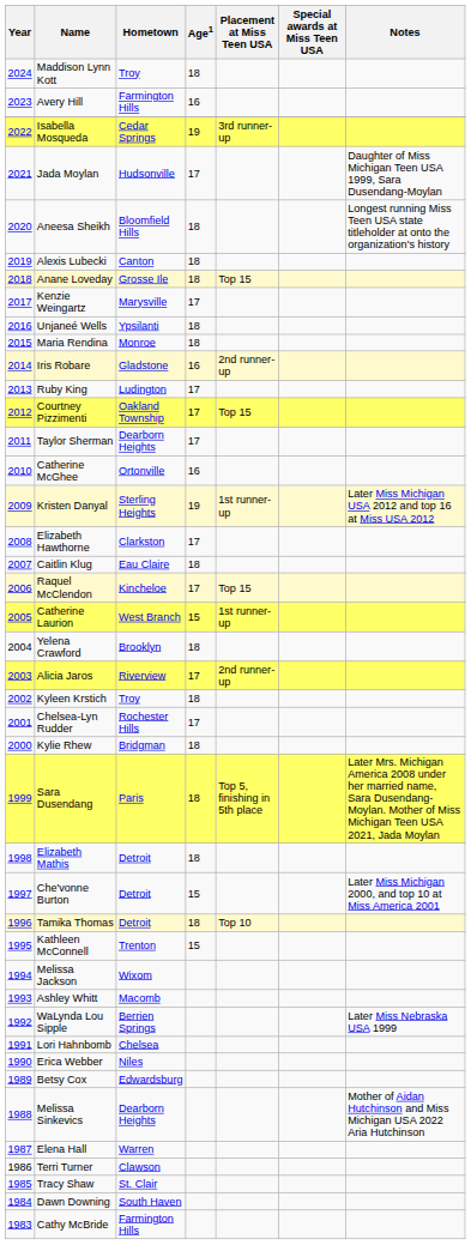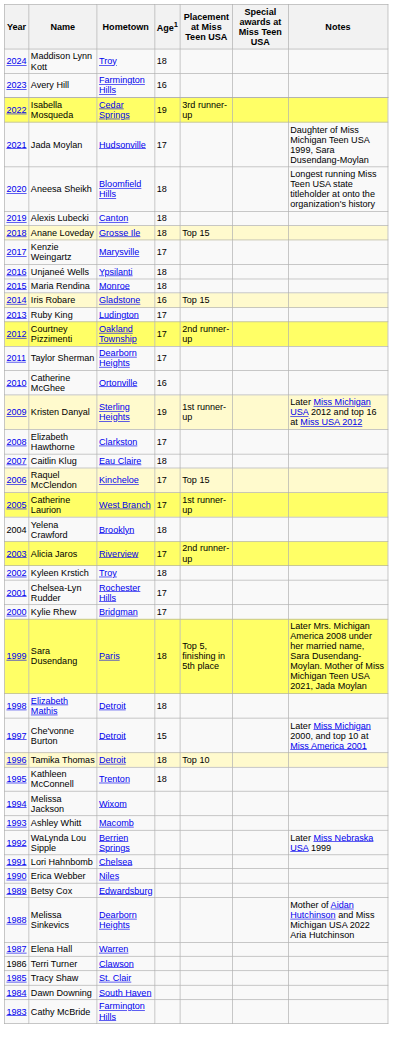 <table class="wikitable"style="font-size:90%;">
 <tr bgcolor="#efefef">
 <th width=5%>Year</th>
 <th width=20%>Name</th>
 <th width=10%>Hometown</th>
 <th width=3%>Age<sup>1</sup></th>
 <th width=14%>Placement at Miss Teen USA</th>
 <th width=17%>Special awards at Miss Teen USA</th>
 <th width=31%>Notes</th>
 </tr>
 <tr>
 <td><a href='#'>2024</a></td>
 <td>Maddison Lynn Kott</td>
 <td><a href='#'>Troy</a></td>
 <td>18</td>
 <td></td>
 <td></td>
 <td></td>
 </tr>
 <tr>
 <td><a href='#'>2023</a></td>
 <td>Avery Hill</td>
 <td><a href='#'>Farmington Hills</a></td>
 <td>16</td>
 <td></td>
 <td></td>
 <td></td>
 </tr>
 <tr>
 </tr>
 <tr style="background-color:#FFFF66;”">
 <td><a href='#'>2022</a></td>
 <td>Isabella Mosqueda</td>
 <td><a href='#'>Cedar Springs</a></td>
 <td>19</td>
 <td>3rd runner-up</td>
 <td></td>
 <td></td>
 </tr>
 <tr>
 <td><a href='#'>2021</a></td>
 <td>Jada Moylan</td>
 <td><a href='#'>Hudsonville</a></td>
 <td>17</td>
 <td></td>
 <td></td>
 <td>Daughter of Miss Michigan Teen USA 1999, Sara Dusendang-Moylan</td>
 </tr>
 <tr>
 <td><a href='#'>2020</a></td>
 <td>Aneesa Sheikh</td>
 <td><a href='#'>Bloomfield Hills</a></td>
 <td>18</td>
 <td></td>
 <td></td>
 <td>Longest running Miss Teen USA state titleholder at  onto the organization's history</td>
 </tr>
 <tr>
 <td><a href='#'>2019</a></td>
 <td>Alexis Lubecki</td>
 <td><a href='#'>Canton</a></td>
 <td>18</td>
 <td></td>
 <td></td>
 <td></td>
 </tr>
 <tr style="background-color:#FFFACD;”">
 <td><a href='#'>2018</a></td>
 <td>Anane Loveday</td>
 <td><a href='#'>Grosse Ile</a></td>
 <td>18</td>
 <td>Top 15</td>
 <td></td>
 <td></td>
 </tr>
 <tr>
 <td><a href='#'>2017</a></td>
 <td>Kenzie Weingartz</td>
 <td><a href='#'>Marysville</a></td>
 <td>17</td>
 <td></td>
 <td></td>
 <td></td>
 </tr>
 <tr>
 <td><a href='#'>2016</a></td>
 <td>Unjaneé Wells</td>
 <td><a href='#'>Ypsilanti</a></td>
 <td>18</td>
 <td></td>
 <td></td>
 <td></td>
 </tr>
 <tr>
 <td><a href='#'>2015</a></td>
 <td>Maria Rendina</td>
 <td><a href='#'>Monroe</a></td>
 <td>18</td>
 <td></td>
 <td></td>
 <td></td>
 </tr>
 <tr style="background-color:#FFFACD;”">
 <td><a href='#'>2014</a></td>
 <td>Iris Robare</td>
 <td><a href='#'>Gladstone</a></td>
 <td>16</td>
-<td>2nd runner-up</td>
+<td>Top 15</td>
 <td></td>
 <td></td>
 </tr>
 <tr>
 <td><a href='#'>2013</a></td>
 <td>Ruby King</td>
 <td><a href='#'>Ludington</a></td>
 <td>17</td>
 <td></td>
 <td></td>
 <td></td>
 </tr>
 <tr style="background-color:#FFFF66;”">
 <td><a href='#'>2012</a></td>
 <td>Courtney Pizzimenti</td>
 <td><a href='#'>Oakland Township</a></td>
 <td>17</td>
-<td>Top 15</td>
+<td>2nd runner-up</td>
 <td></td>
 <td></td>
 </tr>
 <tr>
 <td><a href='#'>2011</a></td>
 <td>Taylor Sherman</td>
 <td><a href='#'>Dearborn Heights</a></td>
 <td>17</td>
 <td></td>
 <td></td>
 <td></td>
 </tr>
 <tr>
 <td><a href='#'>2010</a></td>
 <td>Catherine McGhee</td>
 <td><a href='#'>Ortonville</a></td>
 <td>16</td>
 <td></td>
 <td></td>
 <td></td>
 </tr>
 <tr style="background-color:#FFFACD;”">
 <td><a href='#'>2009</a></td>
 <td>Kristen Danyal</td>
 <td><a href='#'>Sterling Heights</a></td>
 <td>19</td>
 <td>1st runner-up</td>
 <td></td>
 <td>Later <a href='#'>Miss Michigan USA</a> 2012 and top 16 at <a href='#'>Miss USA 2012</a></td>
 </tr>
 <tr>
 <td><a href='#'>2008</a></td>
 <td>Elizabeth Hawthorne</td>
 <td><a href='#'>Clarkston</a></td>
 <td>17</td>
 <td></td>
 <td></td>
 <td></td>
 </tr>
 <tr>
 <td><a href='#'>2007</a></td>
 <td>Caitlin Klug</td>
 <td><a href='#'>Eau Claire</a></td>
 <td>18</td>
 <td></td>
 <td></td>
 <td></td>
 </tr>
 <tr style="background-color:#FFFACD;”">
 <td><a href='#'>2006</a></td>
 <td>Raquel McClendon</td>
 <td><a href='#'>Kincheloe</a></td>
 <td>17</td>
 <td>Top 15</td>
 <td></td>
 <td></td>
 </tr>
 <tr style="background-color:#FFFF66;”">
 <td><a href='#'>2005</a></td>
 <td>Catherine Laurion</td>
 <td><a href='#'>West Branch</a></td>
-<td>15</td>
+<td>17</td>
 <td>1st runner-up</td>
 <td></td>
 <td></td>
 </tr>
 <tr>
 <td>2004</td>
 <td>Yelena Crawford</td>
 <td><a href='#'>Brooklyn</a></td>
 <td>18</td>
 <td></td>
 <td></td>
 <td></td>
 </tr>
 <tr style="background-color:#FFFF66;”">
 <td><a href='#'>2003</a></td>
 <td>Alicia Jaros</td>
 <td><a href='#'>Riverview</a></td>
 <td>17</td>
 <td>2nd runner-up</td>
 <td></td>
 <td></td>
 </tr>
 <tr>
 <td><a href='#'>2002</a></td>
 <td>Kyleen Krstich</td>
 <td><a href='#'>Troy</a></td>
 <td>18</td>
 <td></td>
 <td></td>
 <td></td>
 </tr>
 <tr>
 <td><a href='#'>2001</a></td>
 <td>Chelsea-Lyn Rudder</td>
 <td><a href='#'>Rochester Hills</a></td>
 <td>17</td>
 <td></td>
 <td></td>
 <td></td>
 </tr>
 <tr>
 <td><a href='#'>2000</a></td>
 <td>Kylie Rhew</td>
 <td><a href='#'>Bridgman</a></td>
-<td>18</td>
+<td>17</td>
 <td></td>
 <td></td>
 <td></td>
 </tr>
 <tr style="background-color:#FFFF66;”">
 <td><a href='#'>1999</a></td>
 <td>Sara Dusendang</td>
 <td><a href='#'>Paris</a></td>
 <td>18</td>
 <td>Top 5, finishing in 5th place</td>
 <td></td>
 <td>Later Mrs. Michigan America 2008 under her married name, Sara Dusendang-Moylan. Mother of Miss Michigan Teen USA 2021, Jada Moylan</td>
 </tr>
 <tr>
 <td><a href='#'>1998</a></td>
 <td><a href='#'>Elizabeth Mathis</a></td>
 <td><a href='#'>Detroit</a></td>
 <td>18</td>
 <td></td>
 <td></td>
 <td></td>
 </tr>
 <tr>
 <td><a href='#'>1997</a></td>
 <td>Che'vonne Burton</td>
 <td><a href='#'>Detroit</a></td>
 <td>15</td>
 <td></td>
 <td></td>
 <td>Later <a href='#'>Miss Michigan</a> 2000, and top 10 at <a href='#'>Miss America 2001</a></td>
 </tr>
 <tr style="background-color:#FFFACD;”">
 <td><a href='#'>1996</a></td>
 <td>Tamika Thomas</td>
 <td><a href='#'>Detroit</a></td>
 <td>18</td>
 <td>Top 10</td>
 <td></td>
 <td></td>
 </tr>
 <tr>
 <td><a href='#'>1995</a></td>
 <td>Kathleen McConnell</td>
 <td><a href='#'>Trenton</a></td>
-<td>15</td>
+<td>18</td>
 <td></td>
 <td></td>
 <td></td>
 </tr>
 <tr>
 <td><a href='#'>1994</a></td>
 <td>Melissa Jackson</td>
 <td><a href='#'>Wixom</a></td>
 <td></td>
 <td></td>
 <td></td>
 <td></td>
 </tr>
 <tr>
 <td><a href='#'>1993</a></td>
 <td>Ashley Whitt</td>
 <td><a href='#'>Macomb</a></td>
 <td></td>
 <td></td>
 <td></td>
 <td></td>
 </tr>
 <tr>
 <td><a href='#'>1992</a></td>
 <td>WaLynda Lou Sipple</td>
 <td><a href='#'>Berrien Springs</a></td>
 <td></td>
 <td></td>
 <td></td>
 <td>Later <a href='#'>Miss Nebraska USA</a> 1999</td>
 </tr>
 <tr>
 <td><a href='#'>1991</a></td>
 <td>Lori Hahnbomb</td>
 <td><a href='#'>Chelsea</a></td>
 <td></td>
 <td></td>
 <td></td>
 <td></td>
 </tr>
 <tr>
 <td><a href='#'>1990</a></td>
 <td>Erica Webber</td>
 <td><a href='#'>Niles</a></td>
 <td></td>
 <td></td>
 <td></td>
 <td></td>
 </tr>
 <tr>
 <td><a href='#'>1989</a></td>
 <td>Betsy Cox</td>
 <td><a href='#'>Edwardsburg</a></td>
 <td></td>
 <td></td>
 <td></td>
 <td></td>
 </tr>
 <tr>
 <td><a href='#'>1988</a></td>
 <td>Melissa Sinkevics</td>
 <td><a href='#'>Dearborn Heights</a></td>
 <td></td>
 <td></td>
 <td></td>
 <td>Mother of <a href='#'>Aidan Hutchinson</a> and Miss Michigan USA 2022 Aria Hutchinson</td>
 </tr>
 <tr>
 <td><a href='#'>1987</a></td>
 <td>Elena Hall</td>
 <td><a href='#'>Warren</a></td>
 <td></td>
 <td></td>
 <td></td>
 <td></td>
 </tr>
 <tr>
 <td>1986</td>
 <td>Terri Turner</td>
 <td><a href='#'>Clawson</a></td>
 <td></td>
 <td></td>
 <td></td>
 <td></td>
 </tr>
 <tr>
 <td><a href='#'>1985</a></td>
 <td>Tracy Shaw</td>
 <td><a href='#'>St. Clair</a></td>
 <td></td>
 <td></td>
 <td></td>
 <td></td>
 </tr>
 <tr>
 <td><a href='#'>1984</a></td>
 <td>Dawn Downing</td>
 <td><a href='#'>South Haven</a></td>
 <td></td>
 <td></td>
 <td></td>
 <td></td>
 </tr>
 <tr>
 <td><a href='#'>1983</a></td>
 <td>Cathy McBride</td>
 <td><a href='#'>Farmington Hills</a></td>
 <td></td>
 <td></td>
 <td></td>
 <td></td>
 </tr>
 </table>
